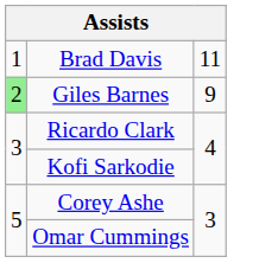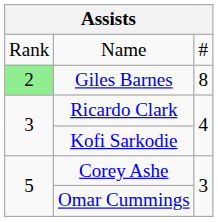 <table class="wikitable" style="text-align: center;">
 <tr>
 <th colspan="3">Assists</th>
 </tr>
 <tr>
-<td>1</td>
-<td><a href='#'>Brad Davis</a></td>
-<td>11</td>
+<td>Rank</td>
+<td>Name</td>
+<td>#</td>
 </tr>
 <tr>
 <td style="background: lightgreen;">2</td>
 <td><a href='#'>Giles Barnes</a></td>
-<td>9</td>
+<td>8</td>
 </tr>
 <tr>
 <td rowspan="2">3</td>
 <td><a href='#'>Ricardo Clark</a></td>
 <td rowspan="2">4</td>
 </tr>
 <tr>
 <td><a href='#'>Kofi Sarkodie</a></td>
 </tr>
 <tr>
 <td rowspan="2">5</td>
 <td><a href='#'>Corey Ashe</a></td>
 <td rowspan="2">3</td>
 </tr>
 <tr>
 <td><a href='#'>Omar Cummings</a></td>
 </tr>
 </table>
